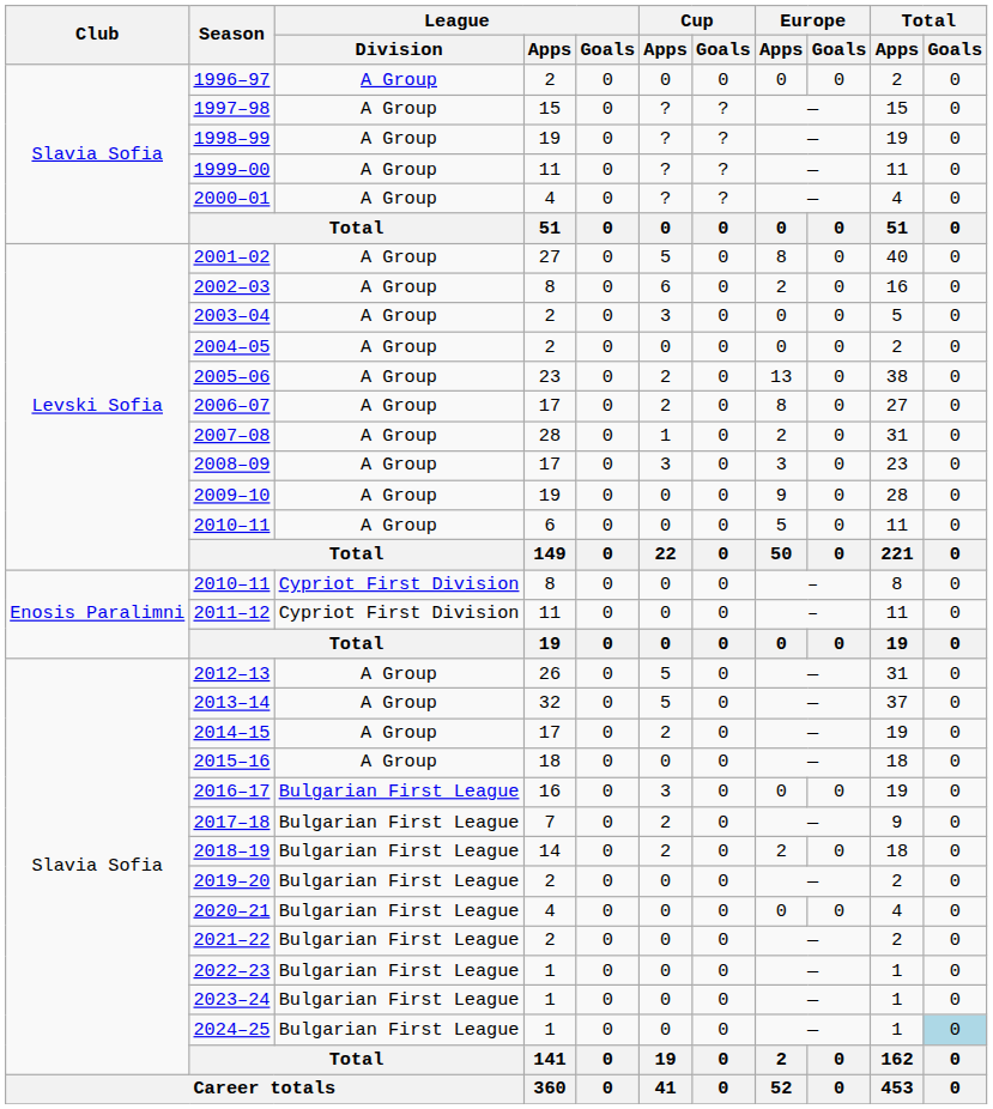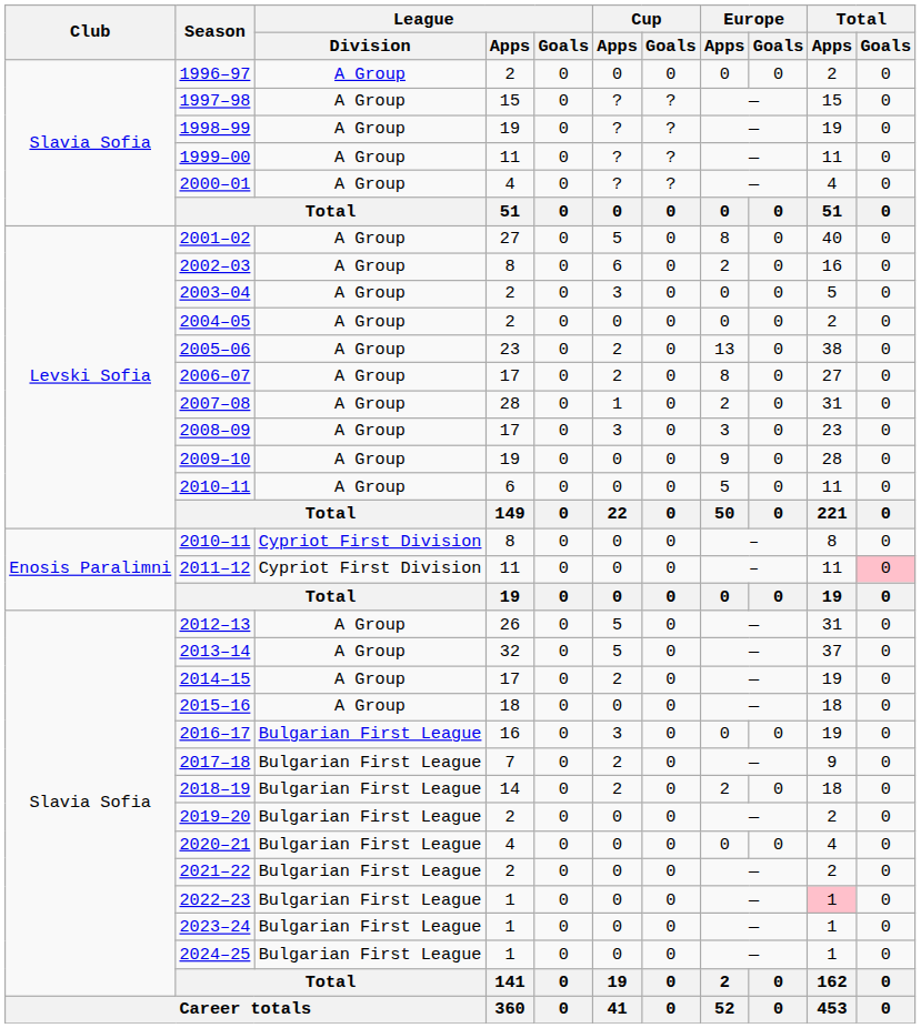 <table class="wikitable" style="text-align: center;">
 <tr>
 <th rowspan="2">Club</th>
 <th rowspan="2">Season</th>
 <th colspan="3">League</th>
 <th colspan="2">Cup</th>
 <th colspan="2">Europe</th>
 <th colspan="2">Total</th>
 </tr>
 <tr>
 <th>Division</th>
 <th>Apps</th>
 <th>Goals</th>
 <th>Apps</th>
 <th>Goals</th>
 <th>Apps</th>
 <th>Goals</th>
 <th>Apps</th>
 <th>Goals</th>
 </tr>
 <tr>
 <td rowspan="6"><a href='#'>Slavia Sofia</a></td>
 <td><a href='#'>1996–97</a></td>
 <td><a href='#'>A Group</a></td>
 <td>2</td>
 <td>0</td>
 <td>0</td>
 <td>0</td>
 <td>0</td>
 <td>0</td>
 <td>2</td>
 <td>0</td>
 </tr>
 <tr>
 <td><a href='#'>1997–98</a></td>
 <td>A Group</td>
 <td>15</td>
 <td>0</td>
 <td>?</td>
 <td>?</td>
 <td colspan="2">—</td>
 <td>15</td>
 <td>0</td>
 </tr>
 <tr>
 <td><a href='#'>1998–99</a></td>
 <td>A Group</td>
 <td>19</td>
 <td>0</td>
 <td>?</td>
 <td>?</td>
 <td colspan="2">—</td>
 <td>19</td>
 <td>0</td>
 </tr>
 <tr>
 <td><a href='#'>1999–00</a></td>
 <td>A Group</td>
 <td>11</td>
 <td>0</td>
 <td>?</td>
 <td>?</td>
 <td colspan="2">—</td>
 <td>11</td>
 <td>0</td>
 </tr>
 <tr>
 <td><a href='#'>2000–01</a></td>
 <td>A Group</td>
 <td>4</td>
 <td>0</td>
 <td>?</td>
 <td>?</td>
 <td colspan="2">—</td>
 <td>4</td>
 <td>0</td>
 </tr>
 <tr>
 <th colspan="2">Total</th>
 <th>51</th>
 <th>0</th>
 <th>0</th>
 <th>0</th>
 <th>0</th>
 <th>0</th>
 <th>51</th>
 <th>0</th>
 </tr>
 <tr>
 <td rowspan="11"><a href='#'>Levski Sofia</a></td>
 <td><a href='#'>2001–02</a></td>
 <td>A Group</td>
 <td>27</td>
 <td>0</td>
 <td>5</td>
 <td>0</td>
 <td>8</td>
 <td>0</td>
 <td>40</td>
 <td>0</td>
 </tr>
 <tr>
 <td><a href='#'>2002–03</a></td>
 <td>A Group</td>
 <td>8</td>
 <td>0</td>
 <td>6</td>
 <td>0</td>
 <td>2</td>
 <td>0</td>
 <td>16</td>
 <td>0</td>
 </tr>
 <tr>
 <td><a href='#'>2003–04</a></td>
 <td>A Group</td>
 <td>2</td>
 <td>0</td>
 <td>3</td>
 <td>0</td>
 <td>0</td>
 <td>0</td>
 <td>5</td>
 <td>0</td>
 </tr>
 <tr>
 <td><a href='#'>2004–05</a></td>
 <td>A Group</td>
 <td>2</td>
 <td>0</td>
 <td>0</td>
 <td>0</td>
 <td>0</td>
 <td>0</td>
 <td>2</td>
 <td>0</td>
 </tr>
 <tr>
 <td><a href='#'>2005–06</a></td>
 <td>A Group</td>
 <td>23</td>
 <td>0</td>
 <td>2</td>
 <td>0</td>
 <td>13</td>
 <td>0</td>
 <td>38</td>
 <td>0</td>
 </tr>
 <tr>
 <td><a href='#'>2006–07</a></td>
 <td>A Group</td>
 <td>17</td>
 <td>0</td>
 <td>2</td>
 <td>0</td>
 <td>8</td>
 <td>0</td>
 <td>27</td>
 <td>0</td>
 </tr>
 <tr>
 <td><a href='#'>2007–08</a></td>
 <td>A Group</td>
 <td>28</td>
 <td>0</td>
 <td>1</td>
 <td>0</td>
 <td>2</td>
 <td>0</td>
 <td>31</td>
 <td>0</td>
 </tr>
 <tr>
 <td><a href='#'>2008–09</a></td>
 <td>A Group</td>
 <td>17</td>
 <td>0</td>
 <td>3</td>
 <td>0</td>
 <td>3</td>
 <td>0</td>
 <td>23</td>
 <td>0</td>
 </tr>
 <tr>
 <td><a href='#'>2009–10</a></td>
 <td>A Group</td>
 <td>19</td>
 <td>0</td>
 <td>0</td>
 <td>0</td>
 <td>9</td>
 <td>0</td>
 <td>28</td>
 <td>0</td>
 </tr>
 <tr>
 <td><a href='#'>2010–11</a></td>
 <td>A Group</td>
 <td>6</td>
 <td>0</td>
 <td>0</td>
 <td>0</td>
 <td>5</td>
 <td>0</td>
 <td>11</td>
 <td>0</td>
 </tr>
 <tr>
 <th colspan="2">Total</th>
 <th>149</th>
 <th>0</th>
 <th>22</th>
 <th>0</th>
 <th>50</th>
 <th>0</th>
 <th>221</th>
 <th>0</th>
 </tr>
 <tr>
 <td rowspan="3"><a href='#'>Enosis Paralimni</a></td>
 <td><a href='#'>2010–11</a></td>
 <td><a href='#'>Cypriot First Division</a></td>
 <td>8</td>
 <td>0</td>
 <td>0</td>
 <td>0</td>
 <td colspan=2>–</td>
 <td>8</td>
 <td>0</td>
 </tr>
 <tr>
 <td><a href='#'>2011–12</a></td>
 <td>Cypriot First Division</td>
 <td>11</td>
 <td>0</td>
 <td>0</td>
 <td>0</td>
 <td colspan=2>–</td>
 <td>11</td>
-<td>0</td>
+<td style="background: pink;">0</td>
 </tr>
 <tr>
 <th colspan="2">Total</th>
 <th>19</th>
 <th>0</th>
 <th>0</th>
 <th>0</th>
 <th>0</th>
 <th>0</th>
 <th>19</th>
 <th>0</th>
 </tr>
 <tr>
 <td rowspan="14">Slavia Sofia</td>
 <td><a href='#'>2012–13</a></td>
 <td>A Group</td>
 <td>26</td>
 <td>0</td>
 <td>5</td>
 <td>0</td>
 <td colspan="2">—</td>
 <td>31</td>
 <td>0</td>
 </tr>
 <tr>
 <td><a href='#'>2013–14</a></td>
 <td>A Group</td>
 <td>32</td>
 <td>0</td>
 <td>5</td>
 <td>0</td>
 <td colspan="2">—</td>
 <td>37</td>
 <td>0</td>
 </tr>
 <tr>
 <td><a href='#'>2014–15</a></td>
 <td>A Group</td>
 <td>17</td>
 <td>0</td>
 <td>2</td>
 <td>0</td>
 <td colspan="2">—</td>
 <td>19</td>
 <td>0</td>
 </tr>
 <tr>
 <td><a href='#'>2015–16</a></td>
 <td>A Group</td>
 <td>18</td>
 <td>0</td>
 <td>0</td>
 <td>0</td>
 <td colspan="2">—</td>
 <td>18</td>
 <td>0</td>
 </tr>
 <tr>
 <td><a href='#'>2016–17</a></td>
 <td><a href='#'>Bulgarian First League</a></td>
 <td>16</td>
 <td>0</td>
 <td>3</td>
 <td>0</td>
 <td>0</td>
 <td>0</td>
 <td>19</td>
 <td>0</td>
 </tr>
 <tr>
 <td><a href='#'>2017–18</a></td>
 <td>Bulgarian First League</td>
 <td>7</td>
 <td>0</td>
 <td>2</td>
 <td>0</td>
 <td colspan="2">—</td>
 <td>9</td>
 <td>0</td>
 </tr>
 <tr>
 <td><a href='#'>2018–19</a></td>
 <td>Bulgarian First League</td>
 <td>14</td>
 <td>0</td>
 <td>2</td>
 <td>0</td>
 <td>2</td>
 <td>0</td>
 <td>18</td>
 <td>0</td>
 </tr>
 <tr>
 <td><a href='#'>2019–20</a></td>
 <td>Bulgarian First League</td>
 <td>2</td>
 <td>0</td>
 <td>0</td>
 <td>0</td>
 <td colspan="2">—</td>
 <td>2</td>
 <td>0</td>
 </tr>
 <tr>
 <td><a href='#'>2020–21</a></td>
 <td>Bulgarian First League</td>
 <td>4</td>
 <td>0</td>
 <td>0</td>
 <td>0</td>
 <td>0</td>
 <td>0</td>
 <td>4</td>
 <td>0</td>
 </tr>
 <tr>
 <td><a href='#'>2021–22</a></td>
 <td>Bulgarian First League</td>
 <td>2</td>
 <td>0</td>
 <td>0</td>
 <td>0</td>
 <td colspan="2">—</td>
 <td>2</td>
 <td>0</td>
 </tr>
 <tr>
 <td><a href='#'>2022–23</a></td>
 <td>Bulgarian First League</td>
 <td>1</td>
 <td>0</td>
 <td>0</td>
 <td>0</td>
 <td colspan="2">—</td>
-<td>1</td>
+<td style="background: pink;">1</td>
 <td>0</td>
 </tr>
 <tr>
 <td><a href='#'>2023–24</a></td>
 <td>Bulgarian First League</td>
 <td>1</td>
 <td>0</td>
 <td>0</td>
 <td>0</td>
 <td colspan="2">—</td>
 <td>1</td>
 <td>0</td>
 </tr>
 <tr>
 <td><a href='#'>2024–25</a></td>
 <td>Bulgarian First League</td>
 <td>1</td>
 <td>0</td>
 <td>0</td>
 <td>0</td>
 <td colspan="2">—</td>
 <td>1</td>
-<td style="background: lightblue;">0</td>
+<td>0</td>
 </tr>
 <tr>
 <th colspan="2">Total</th>
 <th>141</th>
 <th>0</th>
 <th>19</th>
 <th>0</th>
 <th>2</th>
 <th>0</th>
 <th>162</th>
 <th>0</th>
 </tr>
 <tr>
 <th colspan="3">Career totals</th>
 <th>360</th>
 <th>0</th>
 <th>41</th>
 <th>0</th>
 <th>52</th>
 <th>0</th>
 <th>453</th>
 <th>0</th>
 </tr>
 </table>
